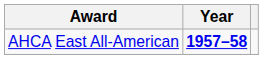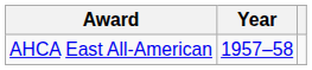 <table class="wikitable">
 <tr>
 <th>Award</th>
 <th>Year</th>
 <th></th>
 </tr>
 <tr>
 <td><a href='#'>AHCA</a> <a href='#'>East All-American</a></td>
-<td><strong><a href='#'>1957–58</a></strong></td>
+<td><a href='#'>1957–58</a></td>
 <td></td>
 </tr>
 <tr>
 </tr>
 </table>
